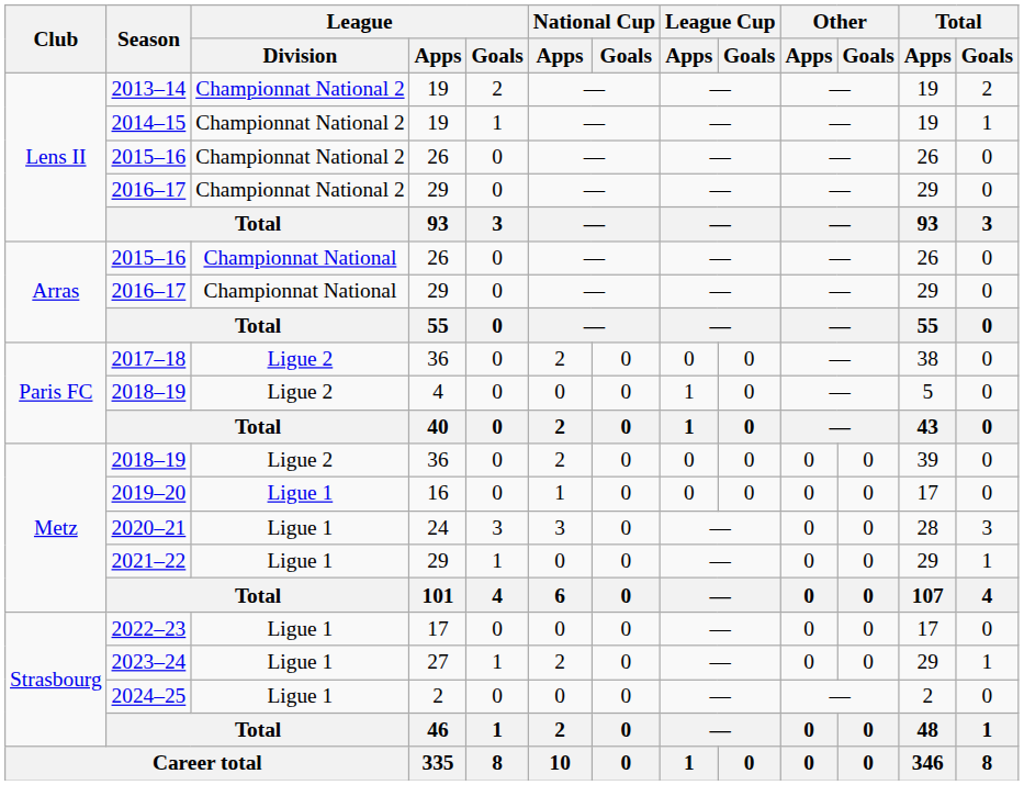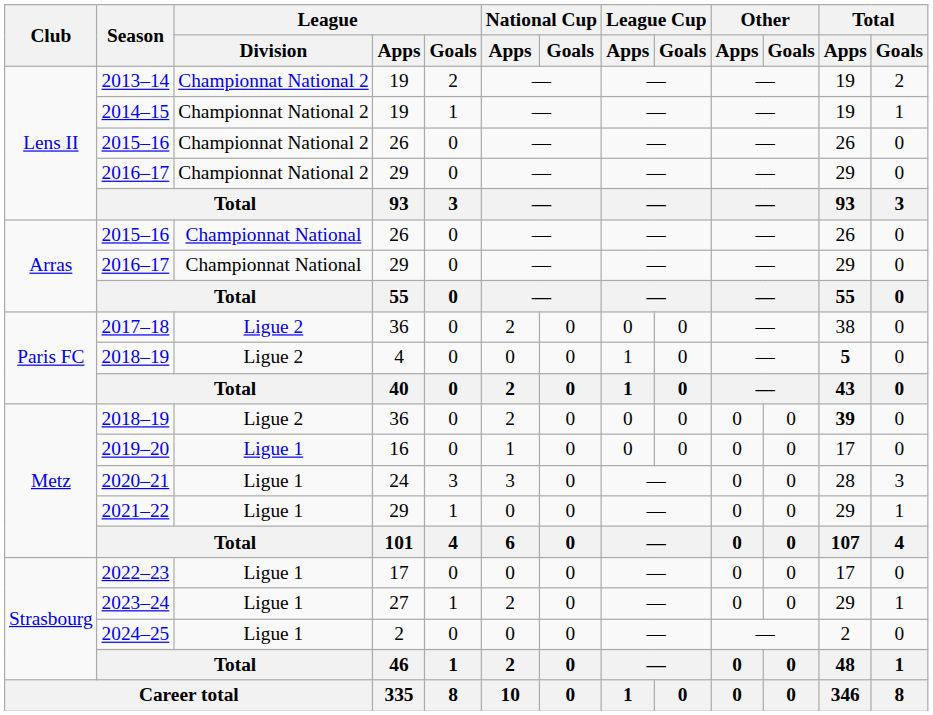 <table class=wikitable style=text-align:center>
 <tr>
 <th rowspan=2>Club</th>
 <th rowspan=2>Season</th>
 <th colspan=3>League</th>
 <th colspan=2>National Cup</th>
 <th colspan=2>League Cup</th>
 <th colspan=2>Other</th>
 <th colspan=2>Total</th>
 </tr>
 <tr>
 <th>Division</th>
 <th>Apps</th>
 <th>Goals</th>
 <th>Apps</th>
 <th>Goals</th>
 <th>Apps</th>
 <th>Goals</th>
 <th>Apps</th>
 <th>Goals</th>
 <th>Apps</th>
 <th>Goals</th>
 </tr>
 <tr>
 <td rowspan="5"><a href='#'>Lens II</a></td>
 <td><a href='#'>2013–14</a></td>
 <td><a href='#'>Championnat National 2</a></td>
 <td>19</td>
 <td>2</td>
 <td colspan=2>—</td>
 <td colspan=2>—</td>
 <td colspan=2>—</td>
 <td>19</td>
 <td>2</td>
 </tr>
 <tr>
 <td><a href='#'>2014–15</a></td>
 <td>Championnat National 2</td>
 <td>19</td>
 <td>1</td>
 <td colspan=2>—</td>
 <td colspan=2>—</td>
 <td colspan=2>—</td>
 <td>19</td>
 <td>1</td>
 </tr>
 <tr>
 <td><a href='#'>2015–16</a></td>
 <td>Championnat National 2</td>
 <td>26</td>
 <td>0</td>
 <td colspan=2>—</td>
 <td colspan=2>—</td>
 <td colspan=2>—</td>
 <td>26</td>
 <td>0</td>
 </tr>
 <tr>
 <td><a href='#'>2016–17</a></td>
 <td>Championnat National 2</td>
 <td>29</td>
 <td>0</td>
 <td colspan=2>—</td>
 <td colspan=2>—</td>
 <td colspan=2>—</td>
 <td>29</td>
 <td>0</td>
 </tr>
 <tr>
 <th colspan=2>Total</th>
 <th>93</th>
 <th>3</th>
 <th colspan=2>—</th>
 <th colspan=2>—</th>
 <th colspan=2>—</th>
 <th>93</th>
 <th>3</th>
 </tr>
 <tr>
 <td rowspan="3"><a href='#'>Arras</a></td>
 <td><a href='#'>2015–16</a></td>
 <td><a href='#'>Championnat National</a></td>
 <td>26</td>
 <td>0</td>
 <td colspan=2>—</td>
 <td colspan=2>—</td>
 <td colspan=2>—</td>
 <td>26</td>
 <td>0</td>
 </tr>
 <tr>
 <td><a href='#'>2016–17</a></td>
 <td>Championnat National</td>
 <td>29</td>
 <td>0</td>
 <td colspan=2>—</td>
 <td colspan=2>—</td>
 <td colspan=2>—</td>
 <td>29</td>
 <td>0</td>
 </tr>
 <tr>
 <th colspan=2>Total</th>
 <th>55</th>
 <th>0</th>
 <th colspan=2>—</th>
 <th colspan=2>—</th>
 <th colspan=2>—</th>
 <th>55</th>
 <th>0</th>
 </tr>
 <tr>
 <td rowspan="3"><a href='#'>Paris FC</a></td>
 <td><a href='#'>2017–18</a></td>
 <td><a href='#'>Ligue 2</a></td>
 <td>36</td>
 <td>0</td>
 <td>2</td>
 <td>0</td>
 <td>0</td>
 <td>0</td>
 <td colspan=2>—</td>
 <td>38</td>
 <td>0</td>
 </tr>
 <tr>
 <td><a href='#'>2018–19</a></td>
 <td>Ligue 2</td>
 <td>4</td>
 <td>0</td>
 <td>0</td>
 <td>0</td>
 <td>1</td>
 <td>0</td>
 <td colspan=2>—</td>
-<td>5</td>
+<td><strong>5</strong></td>
 <td>0</td>
 </tr>
 <tr>
 <th colspan=2>Total</th>
 <th>40</th>
 <th>0</th>
 <th>2</th>
 <th>0</th>
 <th>1</th>
 <th>0</th>
 <th colspan=2>—</th>
 <th>43</th>
 <th>0</th>
 </tr>
 <tr>
 <td rowspan="5"><a href='#'>Metz</a></td>
 <td><a href='#'>2018–19</a></td>
 <td>Ligue 2</td>
 <td>36</td>
 <td>0</td>
 <td>2</td>
 <td>0</td>
 <td>0</td>
 <td>0</td>
 <td>0</td>
 <td>0</td>
-<td>39</td>
+<td><strong>39</strong></td>
 <td>0</td>
 </tr>
 <tr>
 <td><a href='#'>2019–20</a></td>
 <td><a href='#'>Ligue 1</a></td>
 <td>16</td>
 <td>0</td>
 <td>1</td>
 <td>0</td>
 <td>0</td>
 <td>0</td>
 <td>0</td>
 <td>0</td>
 <td>17</td>
 <td>0</td>
 </tr>
 <tr>
 <td><a href='#'>2020–21</a></td>
 <td>Ligue 1</td>
 <td>24</td>
 <td>3</td>
 <td>3</td>
 <td>0</td>
 <td colspan=2>—</td>
 <td>0</td>
 <td>0</td>
 <td>28</td>
 <td>3</td>
 </tr>
 <tr>
 <td><a href='#'>2021–22</a></td>
 <td>Ligue 1</td>
 <td>29</td>
 <td>1</td>
 <td>0</td>
 <td>0</td>
 <td colspan=2>—</td>
 <td>0</td>
 <td>0</td>
 <td>29</td>
 <td>1</td>
 </tr>
 <tr>
 <th colspan=2>Total</th>
 <th>101</th>
 <th>4</th>
 <th>6</th>
 <th>0</th>
 <th colspan=2>—</th>
 <th>0</th>
 <th>0</th>
 <th>107</th>
 <th>4</th>
 </tr>
 <tr>
 <td rowspan="4"><a href='#'>Strasbourg</a></td>
 <td><a href='#'>2022–23</a></td>
 <td>Ligue 1</td>
 <td>17</td>
 <td>0</td>
 <td>0</td>
 <td>0</td>
 <td colspan=2>—</td>
 <td>0</td>
 <td>0</td>
 <td>17</td>
 <td>0</td>
 </tr>
 <tr>
 <td><a href='#'>2023–24</a></td>
 <td>Ligue 1</td>
 <td>27</td>
 <td>1</td>
 <td>2</td>
 <td>0</td>
 <td colspan=2>—</td>
 <td>0</td>
 <td>0</td>
 <td>29</td>
 <td>1</td>
 </tr>
 <tr>
 <td><a href='#'>2024–25</a></td>
 <td>Ligue 1</td>
 <td>2</td>
 <td>0</td>
 <td>0</td>
 <td>0</td>
 <td colspan=2>—</td>
 <td colspan=2>—</td>
 <td>2</td>
 <td>0</td>
 </tr>
 <tr>
 <th colspan=2>Total</th>
 <th>46</th>
 <th>1</th>
 <th>2</th>
 <th>0</th>
 <th colspan=2>—</th>
 <th>0</th>
 <th>0</th>
 <th>48</th>
 <th>1</th>
 </tr>
 <tr>
 <th colspan=3>Career total</th>
 <th>335</th>
 <th>8</th>
 <th>10</th>
 <th>0</th>
 <th>1</th>
 <th>0</th>
 <th>0</th>
 <th>0</th>
 <th>346</th>
 <th>8</th>
 </tr>
 </table>
